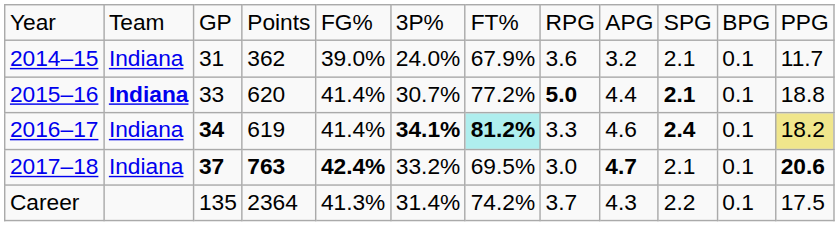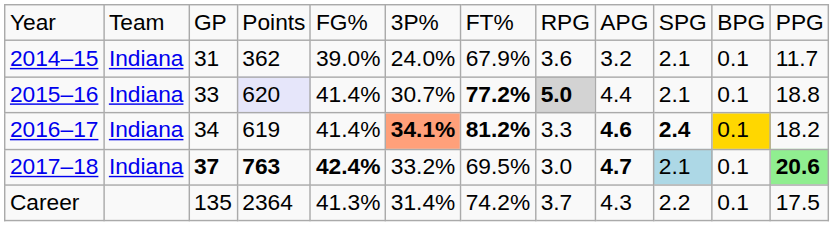 <table class="wikitable">
 <tr>
 <td>Year</td>
 <td>Team</td>
 <td>GP</td>
 <td>Points</td>
 <td>FG%</td>
 <td>3P%</td>
 <td>FT%</td>
 <td>RPG</td>
 <td>APG</td>
 <td>SPG</td>
 <td>BPG</td>
 <td>PPG</td>
 </tr>
 <tr>
 <td><a href='#'>2014–15</a></td>
 <td><a href='#'>Indiana</a></td>
 <td>31</td>
 <td>362</td>
 <td>39.0%</td>
 <td>24.0%</td>
 <td>67.9%</td>
 <td>3.6</td>
 <td>3.2</td>
 <td>2.1</td>
 <td>0.1</td>
 <td>11.7</td>
 </tr>
 <tr>
 <td><a href='#'>2015–16</a></td>
-<td><strong><a href='#'>Indiana</a></strong></td>
+<td><a href='#'>Indiana</a></td>
 <td>33</td>
-<td>620</td>
+<td style="background: lavender;">620</td>
 <td>41.4%</td>
 <td>30.7%</td>
-<td>77.2%</td>
-<td><strong>5.0</strong></td>
+<td><strong>77.2%</strong></td>
+<td style="background: lightgrey;"><strong>5.0</strong></td>
 <td>4.4</td>
-<td><strong>2.1</strong></td>
+<td>2.1</td>
 <td>0.1</td>
 <td>18.8</td>
 </tr>
 <tr>
 <td><a href='#'>2016–17</a></td>
 <td><a href='#'>Indiana</a></td>
-<td><strong>34</strong></td>
+<td>34</td>
 <td>619</td>
 <td>41.4%</td>
-<td><strong>34.1%</strong></td>
-<td style="background: paleturquoise;"><strong>81.2%</strong></td>
+<td style="background: lightsalmon;"><strong>34.1%</strong></td>
+<td><strong>81.2%</strong></td>
 <td>3.3</td>
-<td>4.6</td>
+<td><strong>4.6</strong></td>
 <td><strong>2.4</strong></td>
-<td>0.1</td>
-<td style="background: khaki;">18.2</td>
+<td style="background: gold;">0.1</td>
+<td>18.2</td>
 </tr>
 <tr>
 <td><a href='#'>2017–18</a></td>
 <td><a href='#'>Indiana</a></td>
 <td><strong>37</strong></td>
 <td><strong>763</strong></td>
 <td><strong>42.4%</strong></td>
 <td>33.2%</td>
 <td>69.5%</td>
 <td>3.0</td>
 <td><strong>4.7</strong></td>
-<td>2.1</td>
+<td style="background: lightblue;">2.1</td>
 <td>0.1</td>
-<td><strong>20.6</strong></td>
+<td style="background: lightgreen;"><strong>20.6</strong></td>
 </tr>
 <tr>
 <td>Career</td>
 <td></td>
 <td>135</td>
 <td>2364</td>
 <td>41.3%</td>
 <td>31.4%</td>
 <td>74.2%</td>
 <td>3.7</td>
 <td>4.3</td>
 <td>2.2</td>
 <td>0.1</td>
 <td>17.5</td>
 </tr>
 </table>
